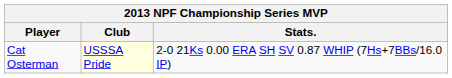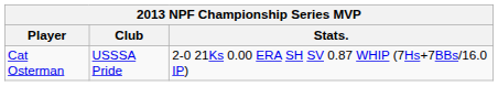 <table class="wikitable">
 <tr>
 <th colspan=3>2013 NPF Championship Series MVP</th>
 </tr>
 <tr>
 <th>Player</th>
 <th>Club</th>
 <th>Stats.</th>
 </tr>
 <tr>
 <td><a href='#'>Cat Osterman</a></td>
-<td style="background: lightyellow;"><a href='#'>USSSA Pride</a></td>
+<td><a href='#'>USSSA Pride</a></td>
 <td>2-0 21<a href='#'>Ks</a> 0.00 <a href='#'>ERA</a> <a href='#'>SH</a> <a href='#'>SV</a> 0.87 <a href='#'>WHIP</a> (7<a href='#'>Hs</a>+7<a href='#'>BBs</a>/16.0 <a href='#'>IP</a>)</td>
 </tr>
 </table>
